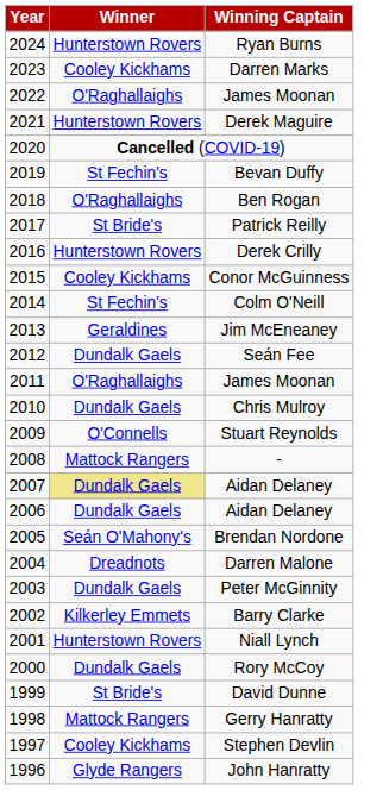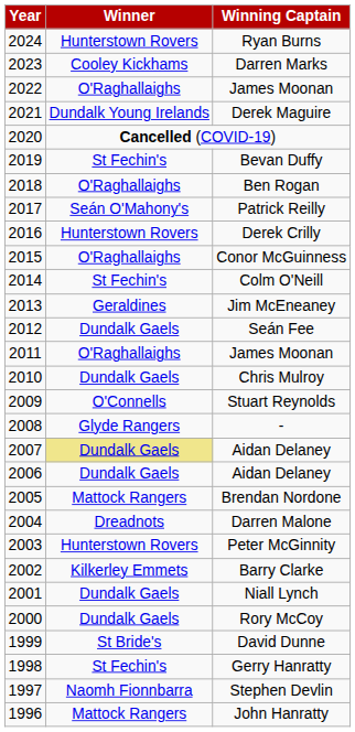 <table class="wikitable" style="text-align:center;">
 <tr>
 <th style="background:#B60000;color:white">Year</th>
 <th style="background:#B60000;color:white">Winner</th>
 <th style="background:#B60000;color:white">Winning Captain</th>
 </tr>
 <tr>
 <td>2024</td>
 <td><a href='#'>Hunterstown Rovers</a></td>
 <td>Ryan Burns</td>
 </tr>
 <tr>
 <td>2023</td>
 <td><a href='#'>Cooley Kickhams</a></td>
 <td>Darren Marks</td>
 </tr>
 <tr>
 <td>2022</td>
 <td><a href='#'>O'Raghallaighs</a></td>
 <td>James Moonan</td>
 </tr>
 <tr>
 <td>2021</td>
-<td><a href='#'>Hunterstown Rovers</a></td>
+<td><a href='#'>Dundalk Young Irelands</a></td>
 <td>Derek Maguire</td>
 </tr>
 <tr>
 <td>2020</td>
 <td ! colspan=5 align=center><strong>Cancelled</strong> (<a href='#'>COVID-19</a>)</td>
 </tr>
 <tr>
 <td>2019</td>
 <td><a href='#'>St Fechin's</a></td>
 <td>Bevan Duffy</td>
 </tr>
 <tr>
 <td>2018</td>
 <td><a href='#'>O'Raghallaighs</a></td>
 <td>Ben Rogan</td>
 </tr>
 <tr>
 <td>2017</td>
-<td><a href='#'>St Bride's</a></td>
+<td><a href='#'>Seán O'Mahony's</a></td>
 <td>Patrick Reilly</td>
 </tr>
 <tr>
 <td>2016</td>
 <td><a href='#'>Hunterstown Rovers</a></td>
 <td>Derek Crilly</td>
 </tr>
 <tr>
 <td>2015</td>
-<td><a href='#'>Cooley Kickhams</a></td>
+<td><a href='#'>O'Raghallaighs</a></td>
 <td>Conor McGuinness</td>
 </tr>
 <tr>
 <td>2014</td>
 <td><a href='#'>St Fechin's</a></td>
 <td>Colm O'Neill</td>
 </tr>
 <tr>
 <td>2013</td>
 <td><a href='#'>Geraldines</a></td>
 <td>Jim McEneaney</td>
 </tr>
 <tr>
 <td>2012</td>
 <td><a href='#'>Dundalk Gaels</a></td>
 <td>Seán Fee</td>
 </tr>
 <tr>
 <td>2011</td>
 <td><a href='#'>O'Raghallaighs</a></td>
 <td>James Moonan</td>
 </tr>
 <tr>
 <td>2010</td>
 <td><a href='#'>Dundalk Gaels</a></td>
 <td>Chris Mulroy</td>
 </tr>
 <tr>
 <td>2009</td>
 <td><a href='#'>O'Connells</a></td>
 <td>Stuart Reynolds</td>
 </tr>
 <tr>
 <td>2008</td>
-<td><a href='#'>Mattock Rangers</a></td>
+<td><a href='#'>Glyde Rangers</a></td>
 <td>-</td>
 </tr>
 <tr>
 <td>2007</td>
 <td style="background: khaki;"><a href='#'>Dundalk Gaels</a></td>
 <td>Aidan Delaney</td>
 </tr>
 <tr>
 <td>2006</td>
 <td><a href='#'>Dundalk Gaels</a></td>
 <td>Aidan Delaney</td>
 </tr>
 <tr>
 <td>2005</td>
-<td><a href='#'>Seán O'Mahony's</a></td>
+<td><a href='#'>Mattock Rangers</a></td>
 <td>Brendan Nordone</td>
 </tr>
 <tr>
 <td>2004</td>
 <td><a href='#'>Dreadnots</a></td>
 <td>Darren Malone</td>
 </tr>
 <tr>
 <td>2003</td>
-<td><a href='#'>Dundalk Gaels</a></td>
+<td><a href='#'>Hunterstown Rovers</a></td>
 <td>Peter McGinnity</td>
 </tr>
 <tr>
 <td>2002</td>
 <td><a href='#'>Kilkerley Emmets</a></td>
 <td>Barry Clarke</td>
 </tr>
 <tr>
 <td>2001</td>
-<td><a href='#'>Hunterstown Rovers</a></td>
+<td><a href='#'>Dundalk Gaels</a></td>
 <td>Niall Lynch</td>
 </tr>
 <tr>
 <td>2000</td>
 <td><a href='#'>Dundalk Gaels</a></td>
 <td>Rory McCoy</td>
 </tr>
 <tr>
 <td>1999</td>
 <td><a href='#'>St Bride's</a></td>
 <td>David Dunne</td>
 </tr>
 <tr>
 <td>1998</td>
-<td><a href='#'>Mattock Rangers</a></td>
+<td><a href='#'>St Fechin's</a></td>
 <td>Gerry Hanratty</td>
 </tr>
 <tr>
 <td>1997</td>
-<td><a href='#'>Cooley Kickhams</a></td>
+<td><a href='#'>Naomh Fionnbarra</a></td>
 <td>Stephen Devlin</td>
 </tr>
 <tr>
 <td>1996</td>
-<td><a href='#'>Glyde Rangers</a></td>
+<td><a href='#'>Mattock Rangers</a></td>
 <td>John Hanratty</td>
 </tr>
 </table>
